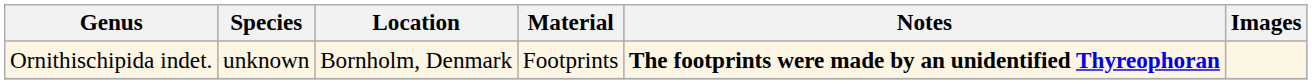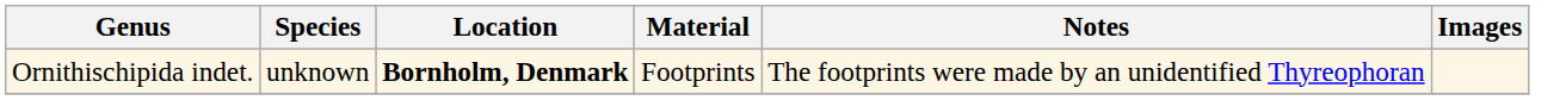 <table class="wikitable" align="center">
 <tr>
 <th>Genus</th>
 <th>Species</th>
 <th>Location</th>
 <th>Material</th>
 <th>Notes</th>
 <th>Images</th>
 </tr>
 <tr>
 <td style="background:#FEF6E4;">Ornithischipida indet.</td>
 <td style="background:#FEF6E4;">unknown</td>
-<td style="background:#FEF6E4;">Bornholm, Denmark</td>
+<td style="background:#FEF6E4;"><strong>Bornholm, Denmark</strong></td>
 <td style="background:#FEF6E4;">Footprints</td>
-<td style="background:#FEF6E4;"><strong>The footprints were made by an unidentified <a href='#'>Thyreophoran</a></strong></td>
+<td style="background:#FEF6E4;">The footprints were made by an unidentified <a href='#'>Thyreophoran</a></td>
 <td style="background:#FEF6E4;"></td>
 </tr>
 <tr>
 </tr>
 </table>
